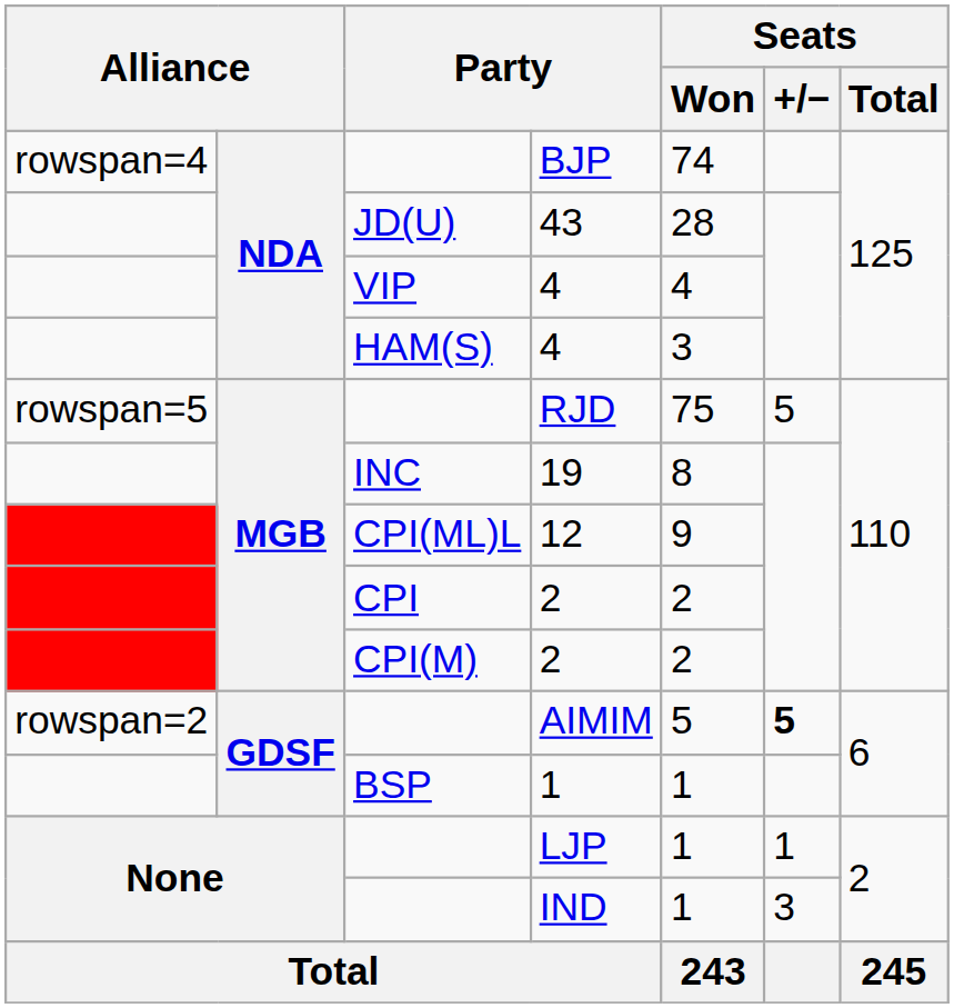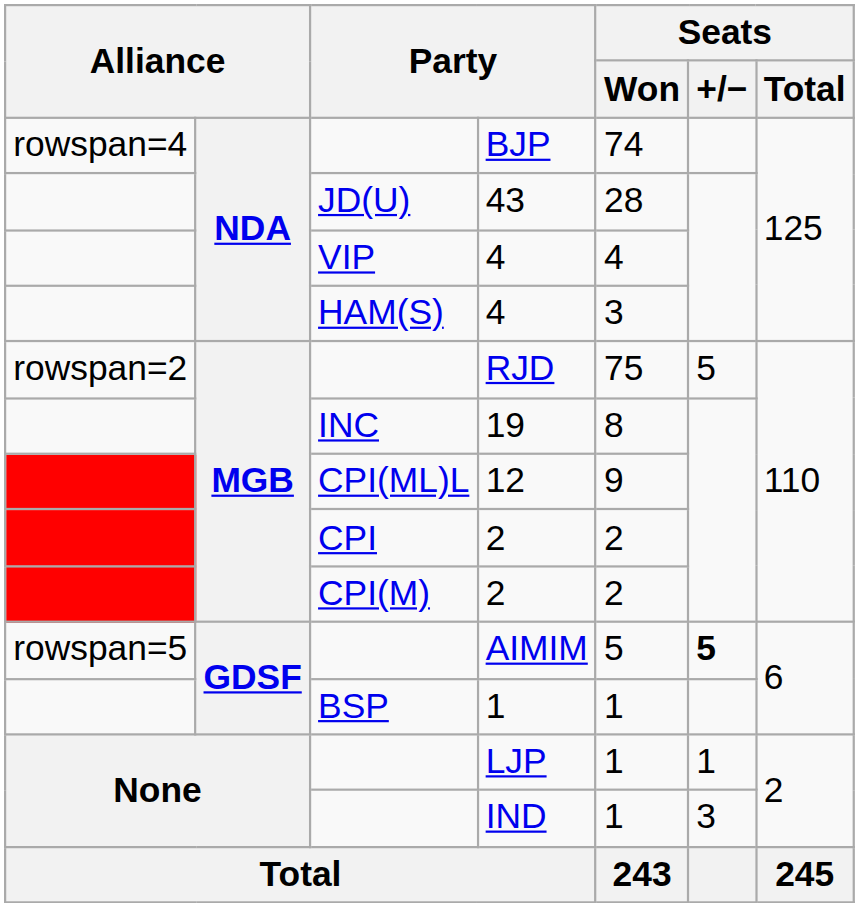 <table class="wikitable">
 <tr>
 <th colspan="2" rowspan="2">Alliance</th>
 <th colspan="2" rowspan="2">Party</th>
 <th colspan="3">Seats</th>
 </tr>
 <tr>
 <th>Won</th>
 <th>+/−</th>
 <th>Total</th>
 </tr>
 <tr>
 <td>rowspan=4 </td>
 <th rowspan=4><a href='#'>NDA</a></th>
 <td></td>
 <td><a href='#'>BJP</a></td>
 <td>74</td>
 <td></td>
 <td rowspan="4">125</td>
 </tr>
 <tr>
 <td></td>
 <td><a href='#'>JD(U)</a></td>
 <td>43</td>
 <td> 28</td>
 </tr>
 <tr>
 <td></td>
 <td><a href='#'>VIP</a></td>
 <td>4</td>
 <td> 4</td>
 </tr>
 <tr>
 <td></td>
 <td><a href='#'>HAM(S)</a></td>
 <td>4</td>
 <td> 3</td>
 </tr>
 <tr>
-<td>rowspan=5 </td>
+<td>rowspan=2 </td>
 <th rowspan=5><a href='#'>MGB</a></th>
 <td></td>
 <td><a href='#'>RJD</a></td>
 <td>75</td>
 <td> 5</td>
 <td rowspan="5">110</td>
 </tr>
 <tr>
 <td></td>
 <td><a href='#'>INC</a></td>
 <td>19</td>
 <td> 8</td>
 </tr>
 <tr>
 <td bgcolor="red"></td>
 <td><a href='#'>CPI(ML)L</a></td>
 <td>12</td>
 <td> 9</td>
 </tr>
 <tr>
 <td bgcolor="red"></td>
 <td><a href='#'>CPI</a></td>
 <td>2</td>
 <td> 2</td>
 </tr>
 <tr>
 <td bgcolor="red"></td>
 <td><a href='#'>CPI(M)</a></td>
 <td>2</td>
 <td> 2</td>
 </tr>
 <tr>
-<td>rowspan=2 </td>
+<td>rowspan=5 </td>
 <th rowspan="2"><a href='#'>GDSF</a></th>
 <td></td>
 <td><a href='#'>AIMIM</a></td>
 <td>5</td>
 <td><strong> 5</strong></td>
 <td rowspan="2">6</td>
 </tr>
 <tr>
 <td></td>
 <td><a href='#'>BSP</a></td>
 <td>1</td>
 <td> 1</td>
 </tr>
 <tr>
 <th colspan="2" rowspan="2">None</th>
 <td></td>
 <td><a href='#'>LJP</a></td>
 <td>1</td>
 <td> 1</td>
 <td rowspan="2">2</td>
 </tr>
 <tr>
 <td></td>
 <td><a href='#'>IND</a></td>
 <td>1</td>
 <td> 3</td>
 </tr>
 <tr class="unsortable" style="background-color:#E9E9E9">
 <th colspan="4">Total</th>
 <th style="text-align:center;">243</th>
 <th></th>
 <th>245</th>
 </tr>
 </table>
